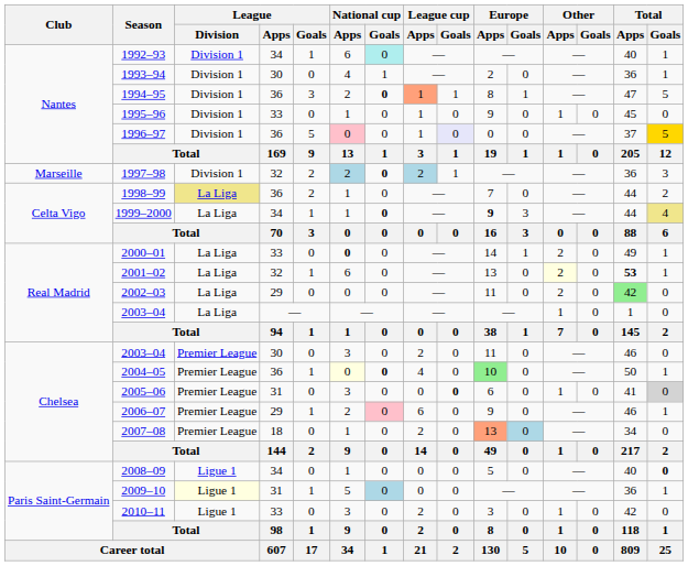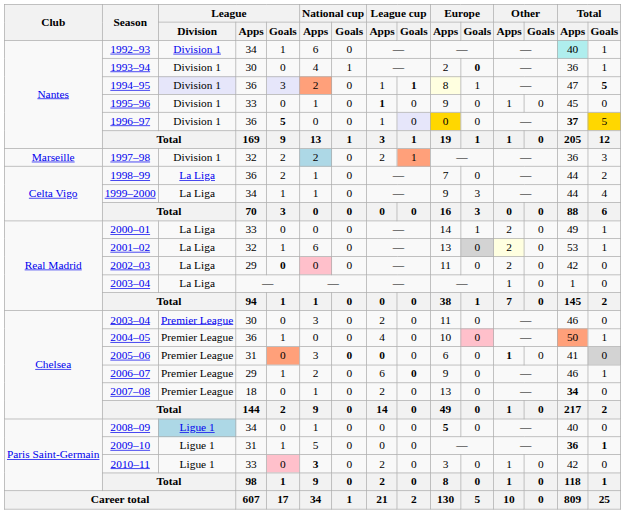 <table class="wikitable" style="text-align:center">
 <tr>
 <th rowspan="2">Club</th>
 <th rowspan="2">Season</th>
 <th colspan="3">League</th>
 <th colspan="2">National cup</th>
 <th colspan="2">League cup</th>
 <th colspan="2">Europe</th>
 <th colspan="2">Other</th>
 <th colspan="2">Total</th>
 </tr>
 <tr>
 <th>Division</th>
 <th>Apps</th>
 <th>Goals</th>
 <th>Apps</th>
 <th>Goals</th>
 <th>Apps</th>
 <th>Goals</th>
 <th>Apps</th>
 <th>Goals</th>
 <th>Apps</th>
 <th>Goals</th>
 <th>Apps</th>
 <th>Goals</th>
 </tr>
 <tr>
 <td rowspan="6"><a href='#'>Nantes</a></td>
 <td><a href='#'>1992–93</a></td>
 <td><a href='#'>Division 1</a></td>
 <td>34</td>
 <td>1</td>
 <td>6</td>
-<td style="background: paleturquoise;">0</td>
+<td>0</td>
 <td colspan="2">—</td>
 <td colspan="2">—</td>
 <td colspan="2">—</td>
-<td>40</td>
+<td style="background: paleturquoise;">40</td>
 <td>1</td>
 </tr>
 <tr>
 <td><a href='#'>1993–94</a></td>
 <td>Division 1</td>
 <td>30</td>
 <td>0</td>
 <td>4</td>
 <td>1</td>
 <td colspan="2">—</td>
 <td>2</td>
-<td>0</td>
+<td><strong>0</strong></td>
 <td colspan="2">—</td>
 <td>36</td>
 <td>1</td>
 </tr>
 <tr>
 <td><a href='#'>1994–95</a></td>
-<td>Division 1</td>
+<td style="background: lavender;">Division 1</td>
 <td>36</td>
-<td>3</td>
-<td>2</td>
-<td><strong>0</strong></td>
-<td style="background: lightsalmon;">1</td>
+<td style="background: lavender;">3</td>
+<td style="background: lightsalmon;">2</td>
+<td>0</td>
 <td>1</td>
-<td>8</td>
+<td><strong>1</strong></td>
+<td style="background: lightyellow;">8</td>
 <td>1</td>
 <td colspan="2">—</td>
 <td>47</td>
-<td>5</td>
+<td><strong>5</strong></td>
 </tr>
 <tr>
 <td><a href='#'>1995–96</a></td>
 <td>Division 1</td>
 <td>33</td>
 <td>0</td>
 <td>1</td>
 <td>0</td>
-<td>1</td>
+<td><strong>1</strong></td>
 <td>0</td>
 <td>9</td>
 <td>0</td>
 <td>1</td>
 <td>0</td>
 <td>45</td>
 <td>0</td>
 </tr>
 <tr>
 <td><a href='#'>1996–97</a></td>
 <td>Division 1</td>
 <td>36</td>
-<td>5</td>
-<td style="background: pink;">0</td>
+<td><strong>5</strong></td>
+<td>0</td>
 <td>0</td>
 <td>1</td>
 <td style="background: lavender;">0</td>
-<td>0</td>
+<td style="background: gold;">0</td>
 <td>0</td>
 <td colspan="2">—</td>
-<td>37</td>
+<td><strong>37</strong></td>
 <td style="background: gold;">5</td>
 </tr>
 <tr>
 <th colspan="2">Total</th>
 <th>169</th>
 <th>9</th>
 <th>13</th>
 <th>1</th>
 <th>3</th>
 <th>1</th>
 <th>19</th>
 <th>1</th>
 <th>1</th>
 <th>0</th>
 <th>205</th>
 <th>12</th>
 </tr>
 <tr>
 <td><a href='#'>Marseille</a></td>
 <td><a href='#'>1997–98</a></td>
 <td>Division 1</td>
 <td>32</td>
 <td>2</td>
 <td style="background: lightblue;">2</td>
-<td><strong>0</strong></td>
-<td style="background: lightblue;">2</td>
-<td>1</td>
+<td>0</td>
+<td>2</td>
+<td style="background: lightsalmon;">1</td>
 <td colspan="2">—</td>
 <td colspan="2">—</td>
 <td>36</td>
 <td>3</td>
 </tr>
 <tr>
 <td rowspan="3"><a href='#'>Celta Vigo</a></td>
 <td><a href='#'>1998–99</a></td>
-<td style="background: khaki;"><a href='#'>La Liga</a></td>
+<td><a href='#'>La Liga</a></td>
 <td>36</td>
 <td>2</td>
 <td>1</td>
 <td>0</td>
 <td colspan="2">—</td>
 <td>7</td>
 <td>0</td>
 <td colspan="2">—</td>
 <td>44</td>
 <td>2</td>
 </tr>
 <tr>
 <td><a href='#'>1999–2000</a></td>
 <td>La Liga</td>
 <td>34</td>
 <td>1</td>
 <td>1</td>
-<td><strong>0</strong></td>
+<td>0</td>
 <td colspan="2">—</td>
-<td><strong>9</strong></td>
+<td>9</td>
 <td>3</td>
 <td colspan="2">—</td>
 <td>44</td>
-<td style="background: khaki;">4</td>
+<td>4</td>
 </tr>
 <tr>
 <th colspan="2">Total</th>
 <th>70</th>
 <th>3</th>
 <th>0</th>
 <th>0</th>
 <th>0</th>
 <th>0</th>
 <th>16</th>
 <th>3</th>
 <th>0</th>
 <th>0</th>
 <th>88</th>
 <th>6</th>
 </tr>
 <tr>
 <td rowspan="5"><a href='#'>Real Madrid</a></td>
 <td><a href='#'>2000–01</a></td>
 <td>La Liga</td>
 <td>33</td>
 <td>0</td>
-<td><strong>0</strong></td>
+<td>0</td>
 <td>0</td>
 <td colspan="2">—</td>
 <td>14</td>
 <td>1</td>
 <td>2</td>
 <td>0</td>
 <td>49</td>
 <td>1</td>
 </tr>
 <tr>
 <td><a href='#'>2001–02</a></td>
 <td>La Liga</td>
 <td>32</td>
 <td>1</td>
 <td>6</td>
 <td>0</td>
 <td colspan="2">—</td>
 <td>13</td>
-<td>0</td>
+<td style="background: lightgrey;">0</td>
 <td style="background: lightyellow;">2</td>
 <td>0</td>
-<td><strong>53</strong></td>
+<td>53</td>
 <td>1</td>
 </tr>
 <tr>
 <td><a href='#'>2002–03</a></td>
 <td>La Liga</td>
 <td>29</td>
-<td>0</td>
-<td>0</td>
+<td><strong>0</strong></td>
+<td style="background: pink;">0</td>
 <td>0</td>
 <td colspan="2">—</td>
 <td>11</td>
 <td>0</td>
 <td>2</td>
 <td>0</td>
-<td style="background: lightgreen;">42</td>
+<td>42</td>
 <td>0</td>
 </tr>
 <tr>
 <td><a href='#'>2003–04</a></td>
 <td>La Liga</td>
 <td colspan="2">—</td>
 <td colspan="2">—</td>
 <td colspan="2">—</td>
 <td colspan="2">—</td>
 <td>1</td>
 <td>0</td>
 <td>1</td>
 <td>0</td>
 </tr>
 <tr>
 <th colspan="2">Total</th>
 <th>94</th>
 <th>1</th>
 <th>1</th>
 <th>0</th>
 <th>0</th>
 <th>0</th>
 <th>38</th>
 <th>1</th>
 <th>7</th>
 <th>0</th>
 <th>145</th>
 <th>2</th>
 </tr>
 <tr>
 <td rowspan="6"><a href='#'>Chelsea</a></td>
 <td><a href='#'>2003–04</a></td>
 <td><a href='#'>Premier League</a></td>
 <td>30</td>
 <td>0</td>
 <td>3</td>
 <td>0</td>
 <td>2</td>
 <td>0</td>
 <td>11</td>
 <td>0</td>
 <td colspan="2">—</td>
 <td>46</td>
 <td>0</td>
 </tr>
 <tr>
 <td><a href='#'>2004–05</a></td>
 <td>Premier League</td>
 <td>36</td>
 <td>1</td>
-<td style="background: lightyellow;">0</td>
-<td><strong>0</strong></td>
+<td>0</td>
+<td>0</td>
 <td>4</td>
 <td>0</td>
-<td style="background: lightgreen;">10</td>
-<td>0</td>
+<td>10</td>
+<td style="background: pink;">0</td>
 <td colspan="2">—</td>
-<td>50</td>
+<td style="background: lightsalmon;">50</td>
 <td>1</td>
 </tr>
 <tr>
 <td><a href='#'>2005–06</a></td>
 <td>Premier League</td>
 <td>31</td>
+<td style="background: lightsalmon;">0</td>
+<td>3</td>
+<td><strong>0</strong></td>
+<td><strong>0</strong></td>
 <td>0</td>
-<td>3</td>
-<td>0</td>
-<td>0</td>
-<td><strong>0</strong></td>
 <td>6</td>
 <td>0</td>
-<td>1</td>
+<td><strong>1</strong></td>
 <td>0</td>
 <td>41</td>
 <td style="background: lightgrey;">0</td>
 </tr>
 <tr>
 <td><a href='#'>2006–07</a></td>
 <td>Premier League</td>
 <td>29</td>
 <td>1</td>
 <td>2</td>
-<td style="background: pink;">0</td>
+<td>0</td>
 <td>6</td>
-<td>0</td>
+<td><strong>0</strong></td>
 <td>9</td>
 <td>0</td>
 <td colspan="2">—</td>
 <td>46</td>
 <td>1</td>
 </tr>
 <tr>
 <td><a href='#'>2007–08</a></td>
 <td>Premier League</td>
 <td>18</td>
 <td>0</td>
 <td>1</td>
 <td>0</td>
 <td>2</td>
 <td>0</td>
-<td style="background: lightsalmon;">13</td>
-<td style="background: lightblue;">0</td>
+<td>13</td>
+<td>0</td>
 <td colspan="2">—</td>
-<td>34</td>
+<td><strong>34</strong></td>
 <td>0</td>
 </tr>
 <tr>
 <th colspan="2">Total</th>
 <th>144</th>
 <th>2</th>
 <th>9</th>
 <th>0</th>
 <th>14</th>
 <th>0</th>
 <th>49</th>
 <th>0</th>
 <th>1</th>
 <th>0</th>
 <th>217</th>
 <th>2</th>
 </tr>
 <tr>
 <td rowspan="4"><a href='#'>Paris Saint-Germain</a></td>
 <td><a href='#'>2008–09</a></td>
-<td><a href='#'>Ligue 1</a></td>
+<td style="background: lightblue;"><a href='#'>Ligue 1</a></td>
 <td>34</td>
 <td>0</td>
 <td>1</td>
 <td>0</td>
 <td>0</td>
 <td>0</td>
-<td>5</td>
+<td><strong>5</strong></td>
 <td>0</td>
 <td colspan="2">—</td>
 <td>40</td>
-<td><strong>0</strong></td>
+<td>0</td>
 </tr>
 <tr>
 <td><a href='#'>2009–10</a></td>
-<td style="background: lightyellow;">Ligue 1</td>
+<td>Ligue 1</td>
 <td>31</td>
 <td>1</td>
 <td>5</td>
-<td style="background: lightblue;">0</td>
+<td>0</td>
 <td>0</td>
 <td>0</td>
 <td colspan="2">—</td>
 <td colspan="2">—</td>
-<td>36</td>
-<td>1</td>
+<td><strong>36</strong></td>
+<td><strong>1</strong></td>
 </tr>
 <tr>
 <td><a href='#'>2010–11</a></td>
 <td>Ligue 1</td>
 <td>33</td>
-<td>0</td>
-<td>3</td>
+<td style="background: pink;">0</td>
+<td><strong>3</strong></td>
 <td>0</td>
 <td>2</td>
 <td>0</td>
 <td>3</td>
 <td>0</td>
 <td>1</td>
 <td>0</td>
 <td>42</td>
 <td>0</td>
 </tr>
 <tr>
 <th colspan="2">Total</th>
 <th>98</th>
 <th>1</th>
 <th>9</th>
 <th>0</th>
 <th>2</th>
 <th>0</th>
 <th>8</th>
 <th>0</th>
 <th>1</th>
 <th>0</th>
 <th>118</th>
 <th>1</th>
 </tr>
 <tr>
 <th colspan="3">Career total</th>
 <th>607</th>
 <th>17</th>
 <th>34</th>
 <th>1</th>
 <th>21</th>
 <th>2</th>
 <th>130</th>
 <th>5</th>
 <th>10</th>
 <th>0</th>
 <th>809</th>
 <th>25</th>
 </tr>
 </table>
